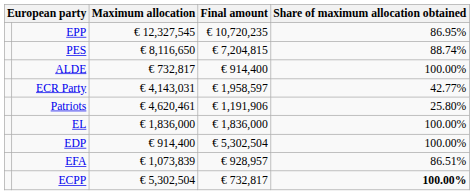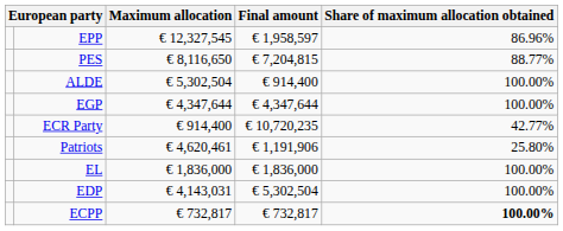 <table class="wikitable centre sortable" style=text-align:right>
 <tr>
 <th colspan="2">European party</th>
 <th>Maximum allocation</th>
 <th>Final amount</th>
 <th>Share of maximum allocation obtained</th>
 </tr>
 <tr>
 <td></td>
 <td><a href='#'>EPP</a></td>
 <td>€ 12,327,545</td>
-<td>€ 10,720,235</td>
-<td>86.95%</td>
+<td>€ 1,958,597</td>
+<td>86.96%</td>
 </tr>
 <tr>
 <td></td>
 <td><a href='#'>PES</a></td>
 <td>€ 8,116,650</td>
 <td>€ 7,204,815</td>
-<td>88.74%</td>
+<td>88.77%</td>
 </tr>
 <tr>
 <td></td>
 <td><a href='#'>ALDE</a></td>
-<td>€ 732,817</td>
+<td>€ 5,302,504</td>
 <td>€ 914,400</td>
 <td>100.00%</td>
 </tr>
 <tr>
 <td></td>
+<td><a href='#'>EGP</a></td>
+<td>€ 4,347,644</td>
+<td>€ 4,347,644</td>
+<td>100.00%</td>
+</tr>
+<tr>
+<td></td>
 <td><a href='#'>ECR Party</a></td>
-<td>€ 4,143,031</td>
-<td>€ 1,958,597</td>
+<td>€ 914,400</td>
+<td>€ 10,720,235</td>
 <td>42.77%</td>
 </tr>
 <tr>
 <td></td>
 <td><a href='#'>Patriots</a></td>
 <td>€ 4,620,461</td>
 <td>€ 1,191,906</td>
 <td>25.80%</td>
 </tr>
 <tr>
 <td></td>
 <td><a href='#'>EL</a></td>
 <td>€ 1,836,000</td>
 <td>€ 1,836,000</td>
 <td>100.00%</td>
 </tr>
 <tr>
 <td></td>
 <td><a href='#'>EDP</a></td>
-<td>€ 914,400</td>
+<td>€ 4,143,031</td>
 <td>€ 5,302,504</td>
 <td>100.00%</td>
 </tr>
 <tr>
 <td></td>
-<td><a href='#'>EFA</a></td>
-<td>€ 1,073,839</td>
-<td>€ 928,957</td>
-<td>86.51%</td>
-</tr>
-<tr>
-<td></td>
 <td><a href='#'>ECPP</a></td>
-<td>€ 5,302,504</td>
+<td>€ 732,817</td>
 <td>€ 732,817</td>
 <td><strong>100.00%</strong></td>
 </tr>
 </table>
